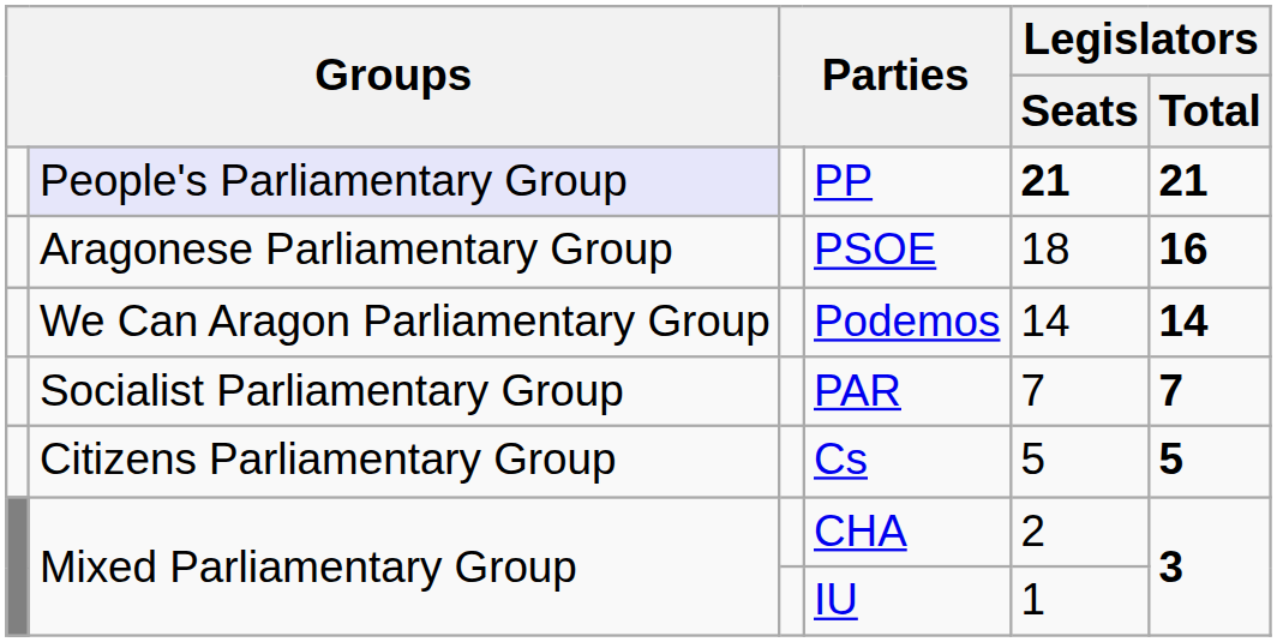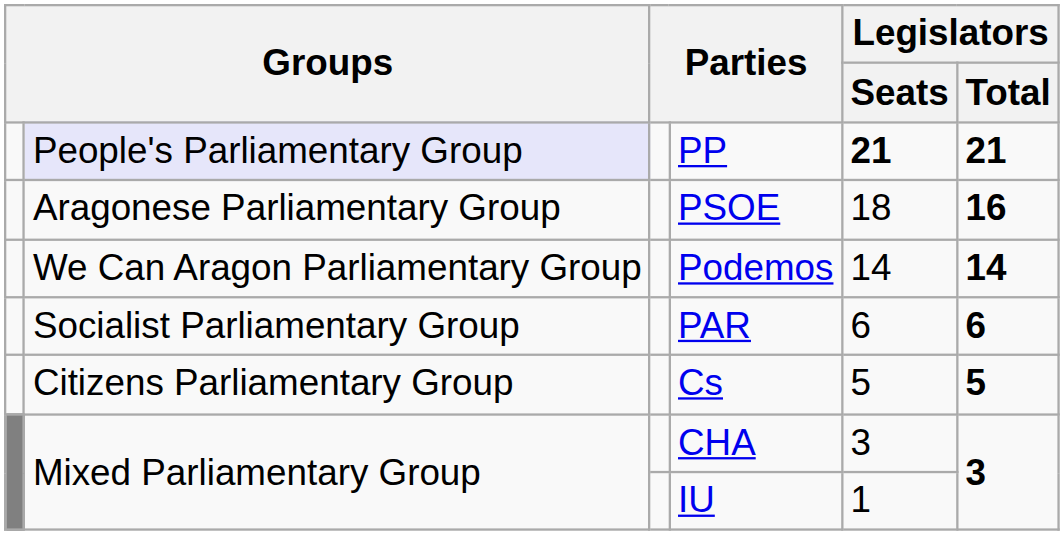 <table class="wikitable" style="text-align:left;">
 <tr>
 <th rowspan="2" colspan="2">Groups</th>
 <th rowspan="2" colspan="2">Parties</th>
 <th colspan="2">Legislators</th>
 </tr>
 <tr>
 <th>Seats</th>
 <th>Total</th>
 </tr>
 <tr>
 <td width="1" style="color:inherit;background:"></td>
 <td style="background: lavender;">People's Parliamentary Group</td>
 <td width="1" style="color:inherit;background:"></td>
 <td align="left"><a href='#'>PP</a></td>
 <td><strong>21</strong></td>
 <td><strong>21</strong></td>
 </tr>
 <tr>
 <td style="color:inherit;background:"></td>
 <td>Aragonese Parliamentary Group</td>
 <td style="color:inherit;background:"></td>
 <td align="left"><a href='#'>PSOE</a></td>
 <td>18</td>
 <td><strong>16</strong></td>
 </tr>
 <tr>
 <td style="color:inherit;background:"></td>
 <td>We Can Aragon Parliamentary Group</td>
 <td style="color:inherit;background:"></td>
 <td align="left"><a href='#'>Podemos</a></td>
 <td>14</td>
 <td><strong>14</strong></td>
 </tr>
 <tr>
 <td style="color:inherit;background:"></td>
 <td>Socialist Parliamentary Group</td>
 <td style="color:inherit;background:"></td>
 <td align="left"><a href='#'>PAR</a></td>
-<td>7</td>
-<td><strong>7</strong></td>
+<td>6</td>
+<td><strong>6</strong></td>
 </tr>
 <tr>
 <td style="color:inherit;background:"></td>
 <td>Citizens Parliamentary Group</td>
 <td style="color:inherit;background:"></td>
 <td align="left"><a href='#'>Cs</a></td>
 <td>5</td>
 <td><strong>5</strong></td>
 </tr>
 <tr>
 <td rowspan="2" bgcolor="gray"></td>
 <td rowspan="2">Mixed Parliamentary Group</td>
 <td style="color:inherit;background:"></td>
 <td align="left"><a href='#'>CHA</a></td>
-<td>2</td>
+<td>3</td>
 <td rowspan="2"><strong>3</strong></td>
 </tr>
 <tr>
 <td style="color:inherit;background:"></td>
 <td align="left"><a href='#'>IU</a></td>
 <td>1</td>
 </tr>
 </table>
